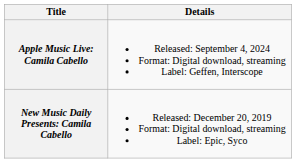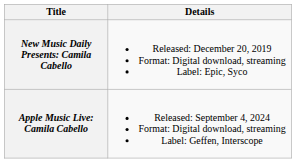 <table class="wikitable plainrowheaders" style="text-align:center;">
 <tr>
 <th scope="col" style="width:10em;">Title</th>
 <th scope="col" style="width:18em;">Details</th>
 </tr>
 <tr>
+<th scope="row"><em>New Music Daily Presents: Camila Cabello</em></th>
+<td><br><ul><li>Released: December 20, 2019</li><li>Format: Digital download, streaming</li><li>Label: Epic, Syco</li></ul></td>
+</tr>
+<tr>
 <th scope="row"><em>Apple Music Live: Camila Cabello</em></th>
 <td><br><ul><li>Released: September 4, 2024</li><li>Format: Digital download, streaming</li><li>Label: Geffen, Interscope</li></ul></td>
 </tr>
-<tr>
-<th scope="row"><em>New Music Daily Presents: Camila Cabello</em></th>
-<td><br><ul><li>Released: December 20, 2019</li><li>Format: Digital download, streaming</li><li>Label: Epic, Syco</li></ul></td>
-</tr>
 </table>
